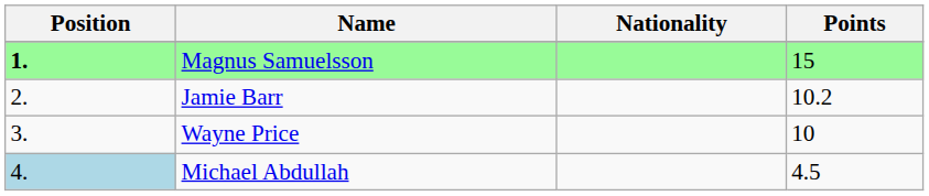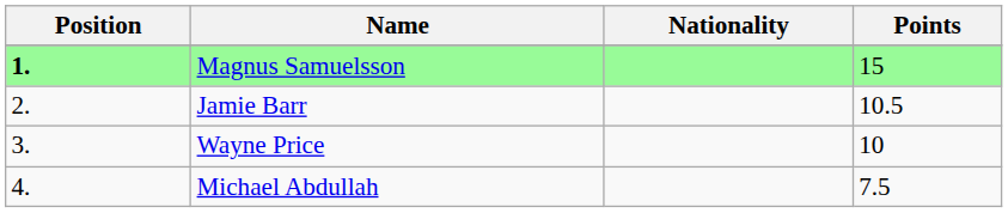 <table class="wikitable" style="display: inline-table; width: 50%;">
 <tr>
 <th>Position</th>
 <th>Name</th>
 <th>Nationality</th>
 <th>Points</th>
 </tr>
 <tr>
 </tr>
 <tr bgcolor=palegreen>
 <td><strong>1.</strong></td>
 <td><a href='#'>Magnus Samuelsson</a></td>
 <td></td>
 <td>15</td>
 </tr>
 <tr>
 <td>2.</td>
 <td><a href='#'>Jamie Barr</a></td>
 <td></td>
-<td>10.2</td>
+<td>10.5</td>
 </tr>
 <tr>
 <td>3.</td>
 <td><a href='#'>Wayne Price</a></td>
 <td></td>
 <td>10</td>
 </tr>
 <tr>
-<td style="background: lightblue;">4.</td>
+<td>4.</td>
 <td><a href='#'>Michael Abdullah</a></td>
 <td></td>
-<td>4.5</td>
+<td>7.5</td>
 </tr>
 </table>
